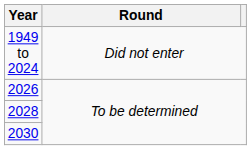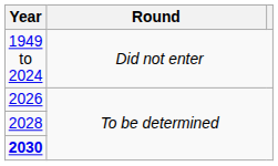 <table class="wikitable" style="text-align: center; font-size:90%">
 <tr>
 <th>Year</th>
 <th style="width:200px">Round</th>
 <th></th>
 </tr>
 <tr>
 <td><a href='#'>1949</a><br>to<br><a href='#'>2024</a></td>
 <td colspan="2"><em>Did not enter</em></td>
 </tr>
 <tr>
 <td><a href='#'>2026</a></td>
 <td colspan="2" rowspan="3"><em>To be determined</em></td>
 </tr>
 <tr>
 <td><a href='#'>2028</a></td>
 </tr>
 <tr>
-<td><a href='#'>2030</a></td>
+<td><strong><a href='#'>2030</a></strong></td>
 </tr>
 </table>
